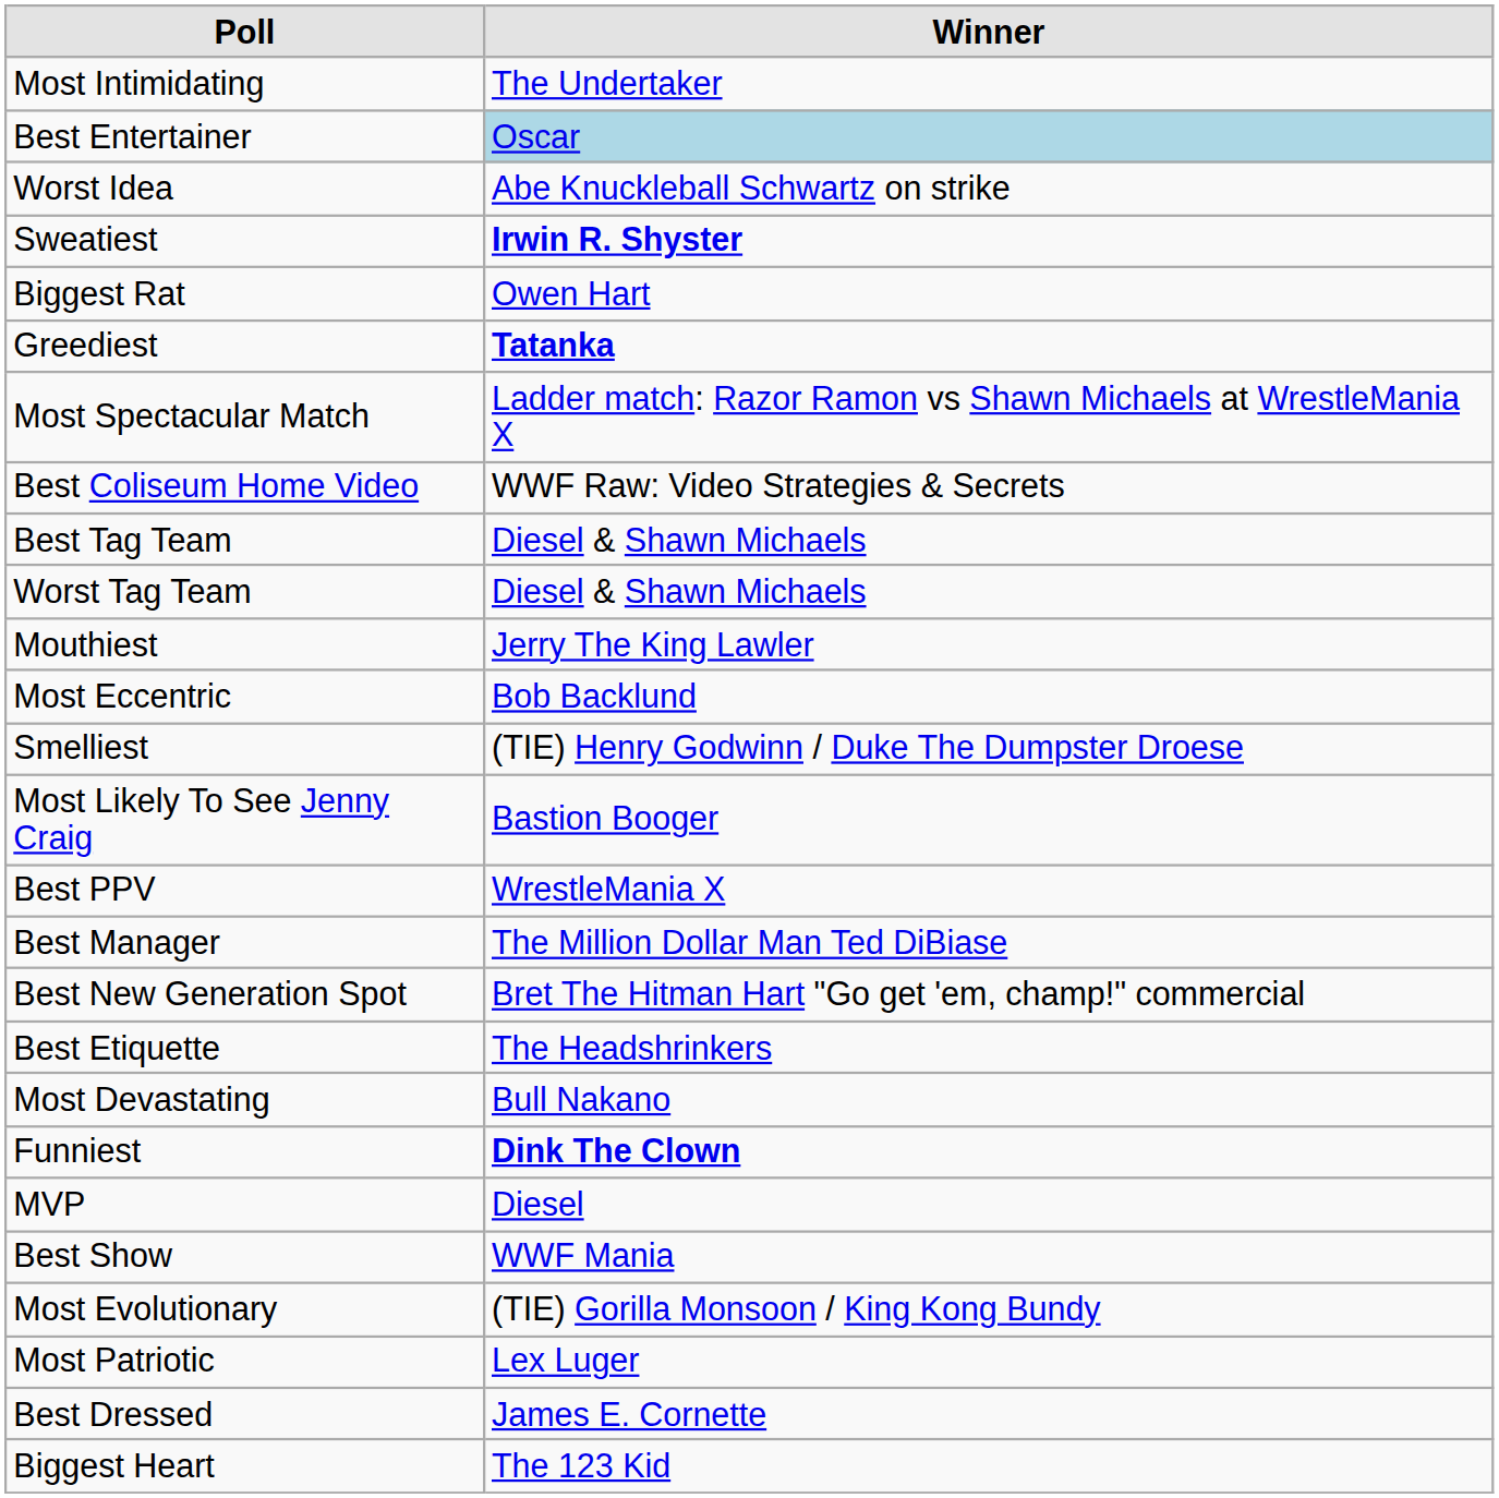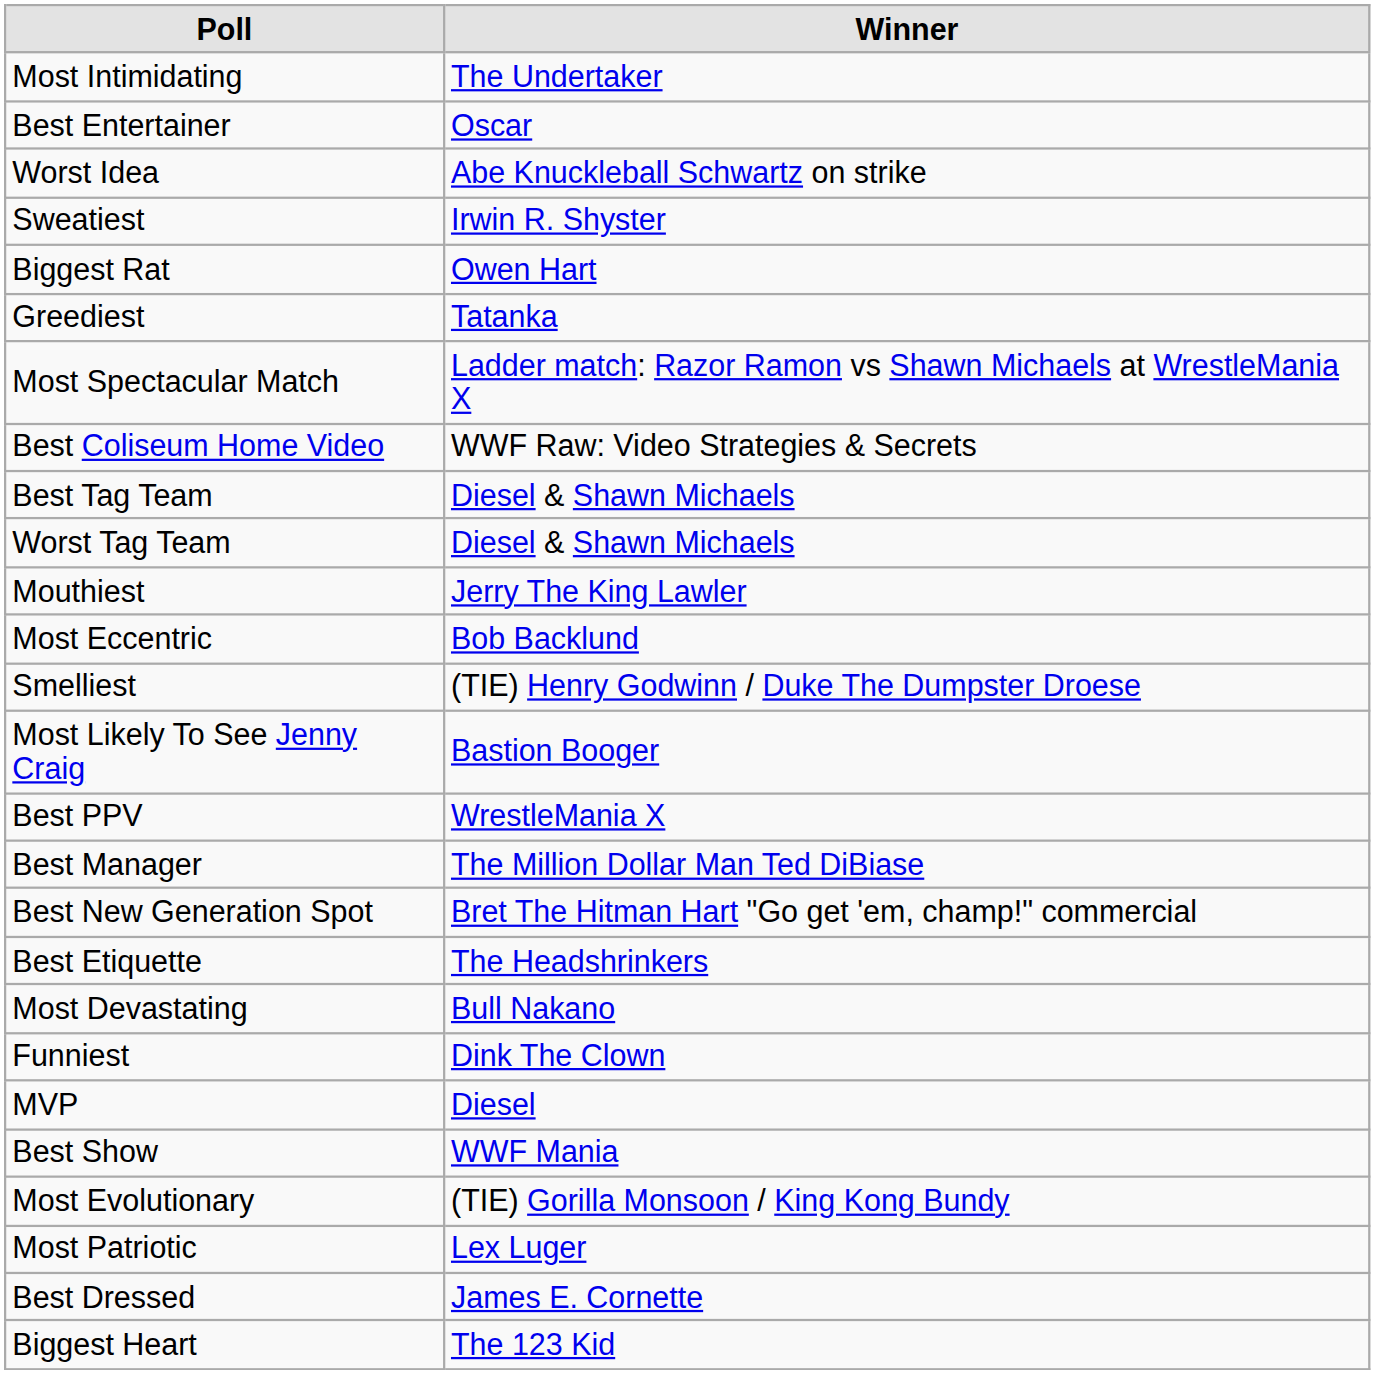 <table class="wikitable" style="font-size: 85%; text-align: left;">
 <tr>
 <th style="border-style: none none solid solid; background: #e3e3e3"><strong>Poll</strong></th>
 <th colspan="2" style="border-style: none none solid solid; background: #e3e3e3"><strong>Winner</strong></th>
 </tr>
 <tr>
 <td>Most Intimidating</td>
 <td><a href='#'>The Undertaker</a></td>
 </tr>
 <tr>
 <td>Best Entertainer</td>
-<td style="background: lightblue;"><a href='#'>Oscar</a></td>
+<td><a href='#'>Oscar</a></td>
 </tr>
 <tr>
 <td>Worst Idea</td>
 <td><a href='#'>Abe Knuckleball Schwartz</a> on strike</td>
 </tr>
 <tr>
 <td>Sweatiest</td>
-<td><strong><a href='#'>Irwin R. Shyster</a></strong></td>
+<td><a href='#'>Irwin R. Shyster</a></td>
 </tr>
 <tr>
 <td>Biggest Rat</td>
 <td><a href='#'>Owen Hart</a></td>
 </tr>
 <tr>
 <td>Greediest</td>
-<td><strong><a href='#'>Tatanka</a></strong></td>
+<td><a href='#'>Tatanka</a></td>
 </tr>
 <tr>
 <td>Most Spectacular Match</td>
 <td><a href='#'>Ladder match</a>: <a href='#'>Razor Ramon</a> vs <a href='#'>Shawn Michaels</a> at <a href='#'>WrestleMania X</a></td>
 </tr>
 <tr>
 <td>Best <a href='#'>Coliseum Home Video</a></td>
 <td>WWF Raw: Video Strategies & Secrets</td>
 </tr>
 <tr>
 <td>Best Tag Team</td>
 <td><a href='#'>Diesel</a> & <a href='#'>Shawn Michaels</a></td>
 </tr>
 <tr>
 <td>Worst Tag Team</td>
 <td><a href='#'>Diesel</a> & <a href='#'>Shawn Michaels</a></td>
 </tr>
 <tr>
 <td>Mouthiest</td>
 <td><a href='#'>Jerry The King Lawler</a></td>
 </tr>
 <tr>
 <td>Most Eccentric</td>
 <td><a href='#'>Bob Backlund</a></td>
 </tr>
 <tr>
 <td>Smelliest</td>
 <td>(TIE) <a href='#'>Henry Godwinn</a> / <a href='#'>Duke The Dumpster Droese</a></td>
 </tr>
 <tr>
 <td>Most Likely To See <a href='#'>Jenny Craig</a></td>
 <td><a href='#'>Bastion Booger</a></td>
 </tr>
 <tr>
 <td>Best PPV</td>
 <td><a href='#'>WrestleMania X</a></td>
 </tr>
 <tr>
 <td>Best Manager</td>
 <td><a href='#'>The Million Dollar Man Ted DiBiase</a></td>
 </tr>
 <tr>
 <td>Best New Generation Spot</td>
 <td><a href='#'>Bret The Hitman Hart</a> "Go get 'em, champ!" commercial</td>
 </tr>
 <tr>
 <td>Best Etiquette</td>
 <td><a href='#'>The Headshrinkers</a></td>
 </tr>
 <tr>
 <td>Most Devastating</td>
 <td><a href='#'>Bull Nakano</a></td>
 </tr>
 <tr>
 <td>Funniest</td>
-<td><strong><a href='#'>Dink The Clown</a></strong></td>
+<td><a href='#'>Dink The Clown</a></td>
 </tr>
 <tr>
 <td>MVP</td>
 <td><a href='#'>Diesel</a></td>
 </tr>
 <tr>
 <td>Best Show</td>
 <td><a href='#'>WWF Mania</a></td>
 </tr>
 <tr>
 <td>Most Evolutionary</td>
 <td>(TIE) <a href='#'>Gorilla Monsoon</a> / <a href='#'>King Kong Bundy</a></td>
 </tr>
 <tr>
 <td>Most Patriotic</td>
 <td><a href='#'>Lex Luger</a></td>
 </tr>
 <tr>
 <td>Best Dressed</td>
 <td><a href='#'>James E. Cornette</a></td>
 </tr>
 <tr>
 <td>Biggest Heart</td>
 <td><a href='#'>The 123 Kid</a></td>
 </tr>
 </table>
